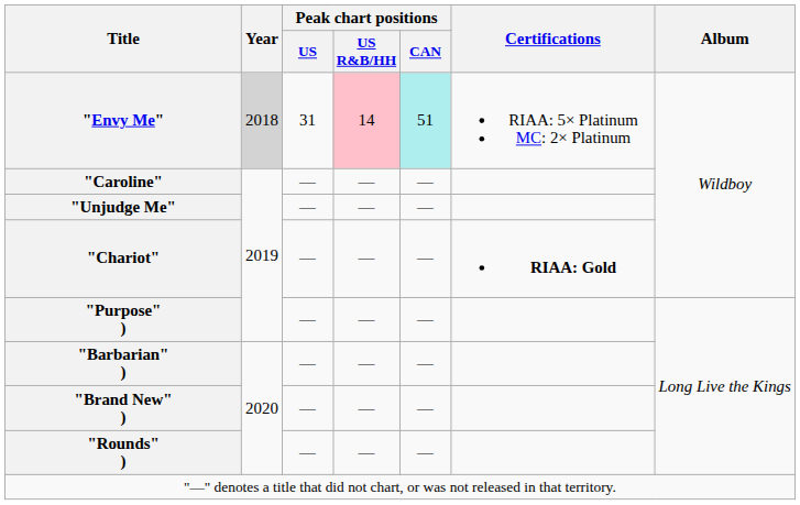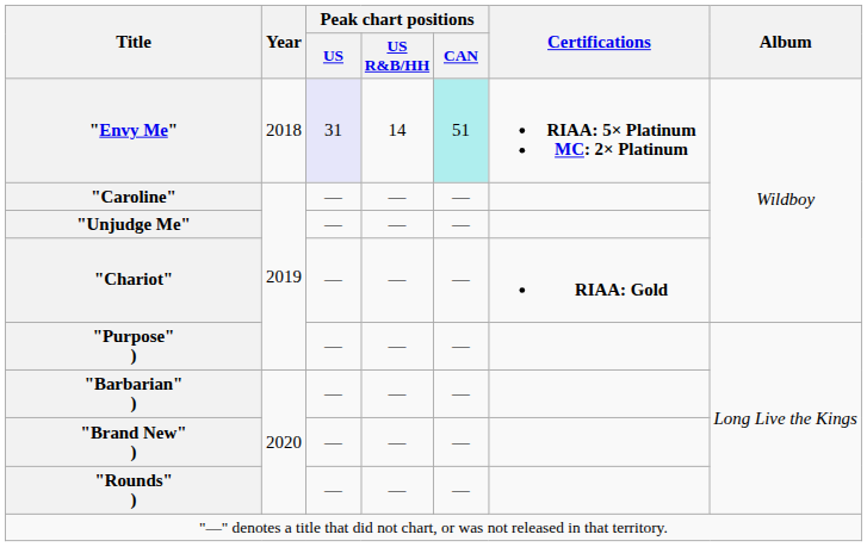 <table class="wikitable plainrowheaders" style="text-align:center;">
 <tr>
 <th rowspan="2" scope="col" style="width:14em;">Title</th>
 <th rowspan="2" scope="col" style="width:1em;">Year</th>
 <th colspan="3">Peak chart positions</th>
 <th rowspan="2" scope="col" style="width:12em;"><a href='#'>Certifications</a></th>
 <th rowspan="2">Album</th>
 </tr>
 <tr>
 <th scope="col" style="width:3em;font-size:90%;"><a href='#'>US</a><br></th>
 <th scope="col" style="width:3em;font-size:90%;"><a href='#'>US<br>R&B/HH</a><br></th>
 <th scope="col" style="width:3em;font-size:90%;"><a href='#'>CAN</a><br></th>
 </tr>
 <tr>
 <th scope="row">"<a href='#'>Envy Me</a>"</th>
-<td style="background: lightgrey;">2018</td>
-<td>31</td>
-<td style="background: pink;">14</td>
+<td>2018</td>
+<td style="background: lavender;">31</td>
+<td>14</td>
 <td style="background: paleturquoise;">51</td>
-<td><br><ul><li>RIAA: 5× Platinum</li><li><a href='#'>MC</a>: 2× Platinum</li></ul></td>
+<td><strong><br><ul><li>RIAA: 5× Platinum</li><li><a href='#'>MC</a>: 2× Platinum</li></ul></strong></td>
 <td rowspan="4"><em>Wildboy</em></td>
 </tr>
 <tr>
 <th scope="row">"Caroline"<br></th>
 <td rowspan="4">2019</td>
 <td>—</td>
 <td>—</td>
 <td>—</td>
 <td></td>
 </tr>
 <tr>
 <th scope="row">"Unjudge Me"<br></th>
 <td>—</td>
 <td>—</td>
 <td>—</td>
 <td></td>
 </tr>
 <tr>
 <th scope="row">"Chariot"<br></th>
 <td>—</td>
 <td>—</td>
 <td>—</td>
 <td><strong><br><ul><li>RIAA: Gold</li></ul></strong></td>
 </tr>
 <tr>
 <th scope="row">"Purpose"<br>)</th>
 <td>—</td>
 <td>—</td>
 <td>—</td>
 <td></td>
 <td rowspan="4"><em>Long Live the Kings</em></td>
 </tr>
 <tr>
 <th scope="row">"Barbarian"<br>)</th>
 <td rowspan="3">2020</td>
 <td>—</td>
 <td>—</td>
 <td>—</td>
 <td></td>
 </tr>
 <tr>
 <th scope="row">"Brand New" <br> )</th>
 <td>—</td>
 <td>—</td>
 <td>—</td>
 <td></td>
 </tr>
 <tr>
 <th scope="row">"Rounds"<br>)</th>
 <td>—</td>
 <td>—</td>
 <td>—</td>
 <td></td>
 </tr>
 <tr>
 <td colspan="7" style="font-size:90%">"—" denotes a title that did not chart, or was not released in that territory.</td>
 </tr>
 </table>
